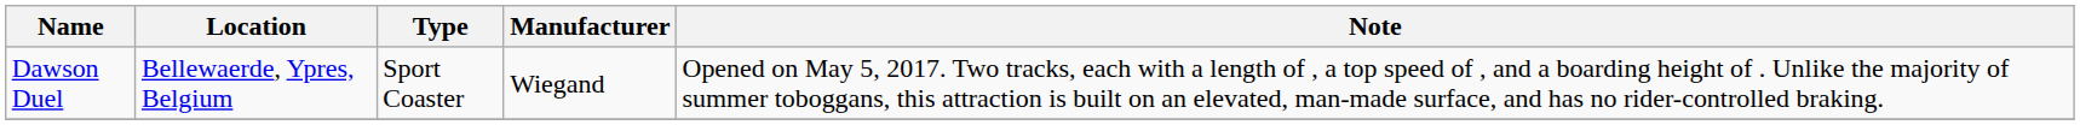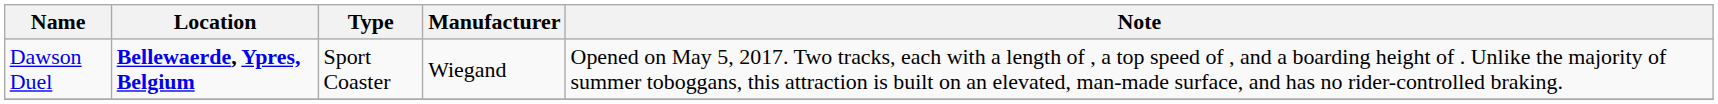 <table class="wikitable sortable">
 <tr>
 <th>Name</th>
 <th>Location</th>
 <th>Type</th>
 <th>Manufacturer</th>
 <th>Note</th>
 </tr>
 <tr>
 <td><a href='#'>Dawson Duel</a></td>
-<td><a href='#'>Bellewaerde</a>, <a href='#'>Ypres, Belgium</a></td>
+<td><strong><a href='#'>Bellewaerde</a>, <a href='#'>Ypres, Belgium</a></strong></td>
 <td>Sport Coaster</td>
 <td>Wiegand</td>
 <td>Opened on May 5, 2017. Two tracks, each with a length of , a top speed of , and a boarding height of . Unlike the majority of summer toboggans, this attraction is built on an elevated, man-made surface, and has no rider-controlled braking.</td>
 </tr>
 <tr>
 </tr>
 </table>
